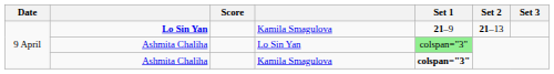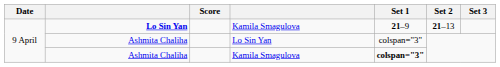 <table class="wikitable" style="text-align: center; font-size:90%">
 <tr>
 <th width="60">Date</th>
 <th align="right" width="230"></th>
 <th width="60">Score</th>
 <th align="left" width="230"></th>
 <th width="50">Set 1</th>
 <th width="50">Set 2</th>
 <th width="50">Set 3</th>
 </tr>
 <tr>
 <td rowspan="3">9 April</td>
 <td align="right"><strong><a href='#'>Lo Sin Yan</a> </strong></td>
 <td></td>
 <td align="left"> <a href='#'>Kamila Smagulova</a></td>
 <td><strong>21</strong>–9</td>
 <td><strong>21</strong>–13</td>
 <td></td>
 </tr>
 <tr>
 <td align="right"><a href='#'>Ashmita Chaliha</a> </td>
 <td></td>
 <td align="left"> <a href='#'>Lo Sin Yan</a></td>
-<td style="background: lightgreen;">colspan="3" </td>
+<td>colspan="3" </td>
 </tr>
 <tr>
 <td align="right"><a href='#'>Ashmita Chaliha</a> </td>
 <td></td>
 <td align="left"> <a href='#'>Kamila Smagulova</a></td>
 <td><strong>colspan="3" </strong></td>
 </tr>
 </table>
